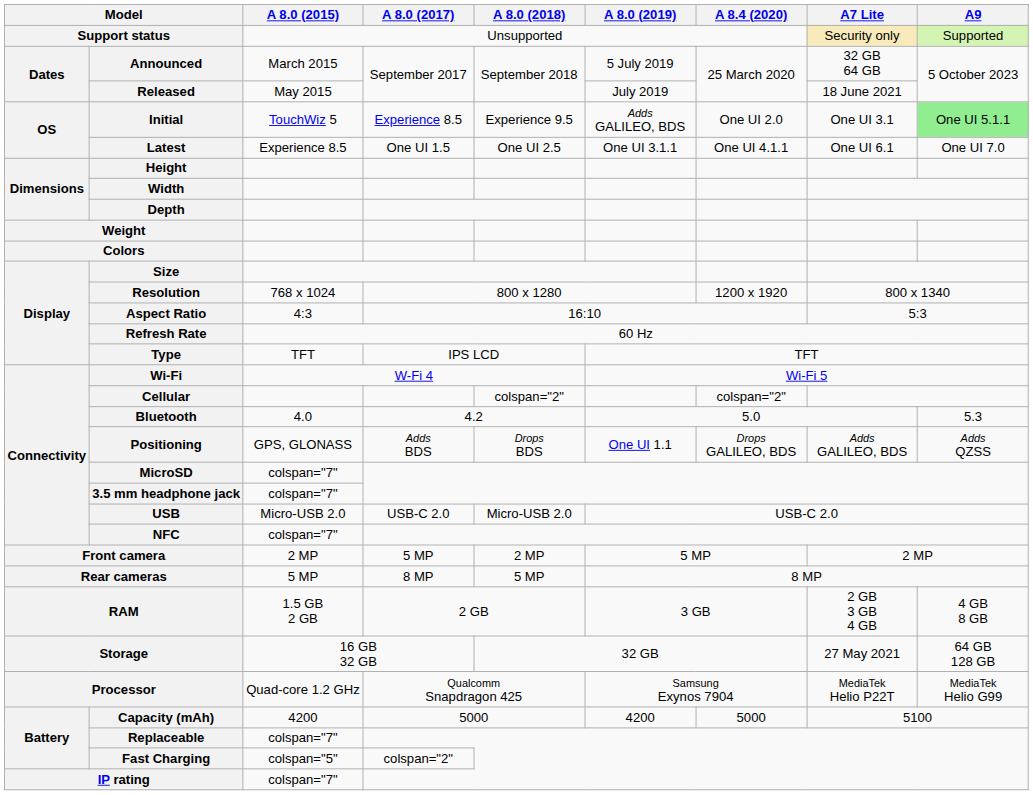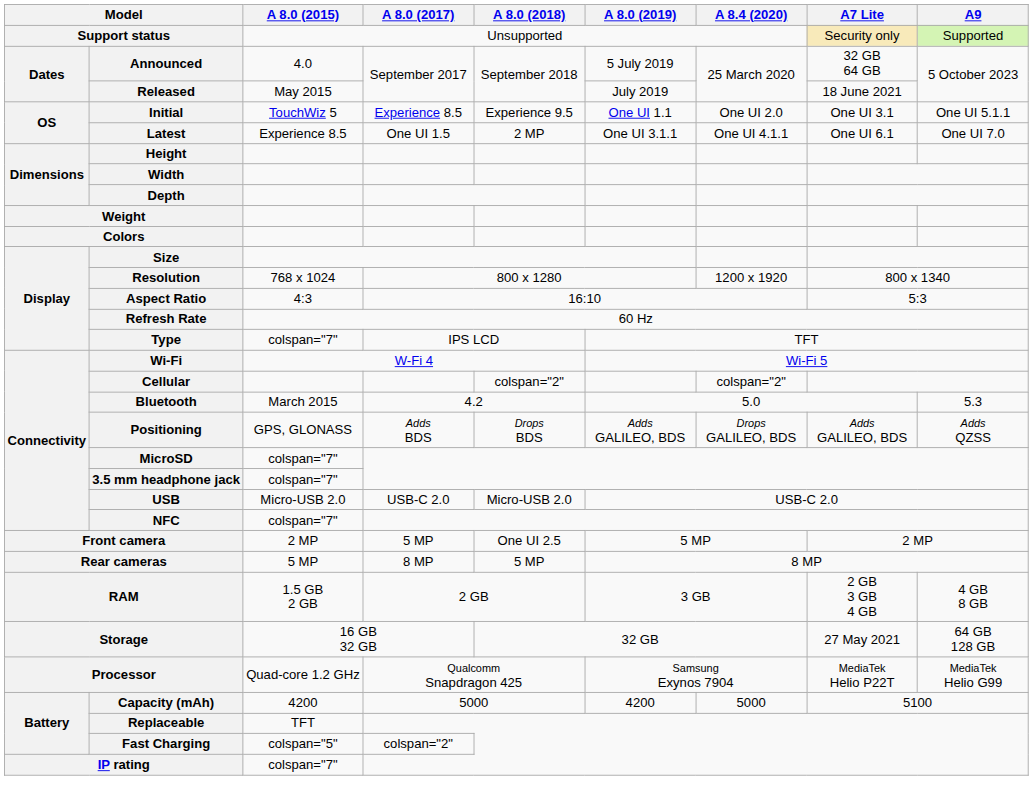 <table class="wikitable" style="text-align:center; font-size:90%;">
 <tr>
 <th colspan="2">Model</th>
 <th style="min-width: 8em"><a href='#'>A 8.0 (2015)</a></th>
 <th style="min-width: 8em"><a href='#'>A 8.0 (2017)</a></th>
 <th style="min-width: 8em"><a href='#'>A 8.0 (2018)</a></th>
 <th style="min-width: 8em"><a href='#'>A 8.0 (2019)</a></th>
 <th style="min-width: 8em"><a href='#'>A 8.4 (2020)</a></th>
 <th style="min-width: 8em"><a href='#'>A7 Lite</a></th>
 <th style="min-width: 8em"><a href='#'>A9</a></th>
 </tr>
 <tr>
 <th colspan="2">Support status</th>
 <td colspan="5">Unsupported</td>
 <td style="background:#f8eaba">Security only</td>
 <td style="background:#d4f4b4">Supported</td>
 </tr>
 <tr>
 <th rowspan="2">Dates</th>
 <th>Announced</th>
-<td>March 2015</td>
+<td>4.0</td>
 <td rowspan="2">September 2017</td>
 <td rowspan="2">September 2018</td>
 <td>5 July 2019</td>
 <td rowspan="2">25 March 2020</td>
 <td>32 GB<br>64 GB</td>
 <td rowspan="2">5 October 2023</td>
 </tr>
 <tr>
 <th>Released</th>
 <td>May 2015</td>
 <td>July 2019</td>
 <td>18 June 2021</td>
 </tr>
 <tr>
 <th rowspan="2">OS</th>
 <th>Initial</th>
 <td><a href='#'>TouchWiz</a> 5<br></td>
 <td><a href='#'>Experience</a> 8.5<br></td>
 <td>Experience 9.5<br></td>
-<td><small><em>Adds</em></small><br>GALILEO, BDS</td>
+<td><a href='#'>One UI</a> 1.1<br></td>
 <td>One UI 2.0<br></td>
 <td>One UI 3.1<br></td>
-<td style="background: lightgreen;">One UI 5.1.1<br></td>
+<td>One UI 5.1.1<br></td>
 </tr>
 <tr>
 <th>Latest</th>
 <td>Experience 8.5<br></td>
 <td>One UI 1.5<br></td>
-<td>One UI 2.5<br></td>
+<td>2 MP</td>
 <td>One UI 3.1.1<br></td>
 <td>One UI 4.1.1<br></td>
 <td>One UI 6.1<br></td>
 <td colspan="1">One UI 7.0<br></td>
 </tr>
 <tr>
 <th rowspan="3">Dimensions<br></th>
 <th>Height</th>
 <td></td>
 <td></td>
 <td></td>
 <td></td>
 <td></td>
 <td></td>
 <td></td>
 </tr>
 <tr>
 <th>Width</th>
 <td></td>
 <td></td>
 <td></td>
 <td></td>
 <td></td>
 <td colspan="2"></td>
 </tr>
 <tr>
 <th>Depth</th>
 <td></td>
 <td colspan="2"></td>
 <td></td>
 <td></td>
 <td colspan="2"></td>
 </tr>
 <tr>
 <th colspan="2">Weight<br></th>
 <td></td>
 <td></td>
 <td></td>
 <td></td>
 <td></td>
 <td></td>
 <td></td>
 </tr>
 <tr>
 <th colspan="2">Colors</th>
 <td>  </td>
 <td> </td>
 <td></td>
 <td> </td>
 <td></td>
 <td> </td>
 <td>  </td>
 </tr>
 <tr>
 <th rowspan="5">Display</th>
 <th>Size</th>
 <td colspan="4"></td>
 <td></td>
 <td colspan="2"></td>
 </tr>
 <tr>
 <th>Resolution</th>
 <td>768 x 1024</td>
 <td colspan="3">800 x 1280</td>
 <td>1200 x 1920</td>
 <td colspan="2">800 x 1340</td>
 </tr>
 <tr>
 <th>Aspect Ratio</th>
 <td>4:3</td>
 <td colspan="4">16:10</td>
 <td colspan="2">5:3</td>
 </tr>
 <tr>
 <th>Refresh Rate</th>
 <td colspan="7">60 Hz</td>
 </tr>
 <tr>
 <th>Type</th>
-<td>TFT</td>
+<td>colspan="7" </td>
 <td colspan="2">IPS LCD</td>
 <td colspan="4">TFT</td>
 </tr>
 <tr>
 <th rowspan="8">Connectivity</th>
 <th>Wi-Fi</th>
 <td colspan="3"><a href='#'>W-Fi 4</a></td>
 <td colspan="4"><a href='#'>Wi-Fi 5</a></td>
 </tr>
 <tr>
 <th>Cellular</th>
 <td></td>
 <td></td>
 <td>colspan="2" </td>
 <td></td>
 <td>colspan="2" </td>
 </tr>
 <tr>
 <th>Bluetooth</th>
-<td>4.0</td>
+<td>March 2015</td>
 <td colspan="2">4.2</td>
 <td colspan="3">5.0</td>
 <td>5.3</td>
 </tr>
 <tr>
 <th>Positioning</th>
 <td>GPS, GLONASS</td>
 <td><small><em>Adds</em></small><br>BDS</td>
 <td><small><em>Drops</em></small><br>BDS</td>
-<td><a href='#'>One UI</a> 1.1<br></td>
+<td><small><em>Adds</em></small><br>GALILEO, BDS</td>
 <td><small><em>Drops</em></small><br>GALILEO, BDS</td>
 <td><small><em>Adds</em></small><br>GALILEO, BDS</td>
 <td><small><em>Adds</em></small><br>QZSS</td>
 </tr>
 <tr>
 <th>MicroSD</th>
 <td>colspan="7" </td>
 </tr>
 <tr>
 <th>3.5 mm headphone jack</th>
 <td>colspan="7" </td>
 </tr>
 <tr>
 <th>USB</th>
 <td>Micro-USB 2.0</td>
 <td>USB-C 2.0</td>
 <td>Micro-USB 2.0</td>
 <td colspan="4">USB-C 2.0</td>
 </tr>
 <tr>
 <th>NFC</th>
 <td>colspan="7" </td>
 </tr>
 <tr>
 <th colspan="2">Front camera</th>
 <td>2 MP</td>
 <td>5 MP</td>
-<td>2 MP</td>
+<td>One UI 2.5<br></td>
 <td colspan="2">5 MP</td>
 <td colspan="2">2 MP</td>
 </tr>
 <tr>
 <th colspan="2">Rear cameras</th>
 <td>5 MP</td>
 <td>8 MP</td>
 <td>5 MP</td>
 <td colspan="4">8 MP</td>
 </tr>
 <tr>
 <th colspan="2">RAM</th>
 <td>1.5 GB<br>2 GB</td>
 <td colspan="2">2 GB</td>
 <td colspan="2">3 GB</td>
 <td>2 GB<br>3 GB<br>4 GB</td>
 <td>4 GB<br>8 GB</td>
 </tr>
 <tr>
 <th colspan="2">Storage</th>
 <td colspan="2">16 GB<br>32 GB</td>
 <td colspan="3">32 GB</td>
 <td>27 May 2021</td>
 <td>64 GB<br>128 GB</td>
 </tr>
 <tr>
 <th colspan="2">Processor</th>
 <td>Quad-core 1.2 GHz</td>
 <td colspan="2"><small>Qualcomm</small><br>Snapdragon 425</td>
 <td colspan="2"><small>Samsung</small><br>Exynos 7904</td>
 <td><small>MediaTek</small><br>Helio P22T</td>
 <td><small>MediaTek</small><br>Helio G99</td>
 </tr>
 <tr>
 <th rowspan="3">Battery</th>
 <th>Capacity (mAh)</th>
 <td>4200</td>
 <td colspan="2">5000</td>
 <td>4200</td>
 <td>5000</td>
 <td colspan="2">5100</td>
 </tr>
 <tr>
 <th>Replaceable</th>
-<td>colspan="7" </td>
+<td>TFT</td>
 </tr>
 <tr>
 <th>Fast Charging</th>
 <td>colspan="5" </td>
 <td>colspan="2" </td>
 </tr>
 <tr>
 <th colspan="2"><a href='#'>IP</a> rating</th>
 <td>colspan="7" </td>
 </tr>
 </table>
